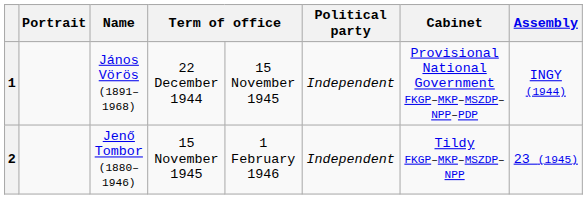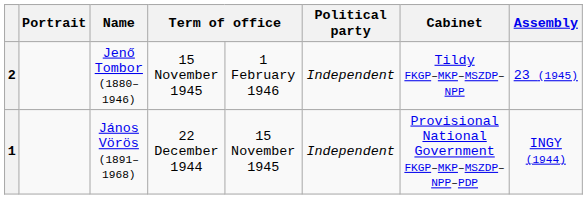 <table class="wikitable" style="width:90%; text-align:center;">
 <tr>
 <th></th>
 <th>Portrait</th>
 <th>Name<br></th>
 <th colspan=2>Term of office</th>
 <th>Political party</th>
 <th>Cabinet</th>
 <th><a href='#'>Assembly</a><br></th>
 </tr>
 <tr>
+<th style="background:">2</th>
+<td></td>
+<td><a href='#'>Jenő Tombor</a><br><small>(1880–1946)</small></td>
+<td>15 November 1945</td>
+<td>1 February 1946</td>
+<td><em>Independent</em></td>
+<td><a href='#'>Tildy</a><br><small><a href='#'>FKGP</a>–<a href='#'>MKP</a>–<a href='#'>MSZDP</a>–<a href='#'>NPP</a></small></td>
+<td><a href='#'>23 <small>(1945)</small></a></td>
+</tr>
+<tr>
 <th style="background:">1</th>
 <td></td>
 <td><a href='#'>János Vörös</a><br><small>(1891–1968)</small></td>
 <td>22 December 1944</td>
 <td>15 November 1945</td>
 <td><em>Independent</em></td>
 <td><a href='#'>Provisional National Government</a><br><small><a href='#'>FKGP</a>–<a href='#'>MKP</a>–<a href='#'>MSZDP</a>–<a href='#'>NPP</a>–<a href='#'>PDP</a></small></td>
 <td><a href='#'>INGY <small>(1944)</small></a></td>
 </tr>
-<tr>
-<th style="background:">2</th>
-<td></td>
-<td><a href='#'>Jenő Tombor</a><br><small>(1880–1946)</small></td>
-<td>15 November 1945</td>
-<td>1 February 1946</td>
-<td><em>Independent</em></td>
-<td><a href='#'>Tildy</a><br><small><a href='#'>FKGP</a>–<a href='#'>MKP</a>–<a href='#'>MSZDP</a>–<a href='#'>NPP</a></small></td>
-<td><a href='#'>23 <small>(1945)</small></a></td>
-</tr>
 </table>
